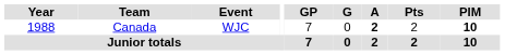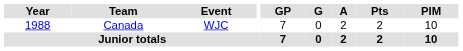 <table border="0" cellpadding="1" cellspacing="0" ID="Table3" style="text-align:center; width:40em">
 <tr bgcolor="#e0e0e0">
 <th>Year</th>
 <th>Team</th>
 <th>Event</th>
 <th rowspan="102" bgcolor="#ffffff"></th>
 <th>GP</th>
 <th>G</th>
 <th>A</th>
 <th>Pts</th>
 <th>PIM</th>
 </tr>
 <tr>
 <td><a href='#'>1988</a></td>
 <td><a href='#'>Canada</a></td>
 <td><a href='#'>WJC</a></td>
 <td>7</td>
 <td>0</td>
-<td><strong>2</strong></td>
 <td>2</td>
-<td><strong>10</strong></td>
+<td>2</td>
+<td>10</td>
 </tr>
 <tr bgcolor="#e0e0e0">
 <th colspan="4">Junior totals</th>
 <th>7</th>
 <th>0</th>
 <th>2</th>
 <th>2</th>
 <th>10</th>
 </tr>
 </table>
